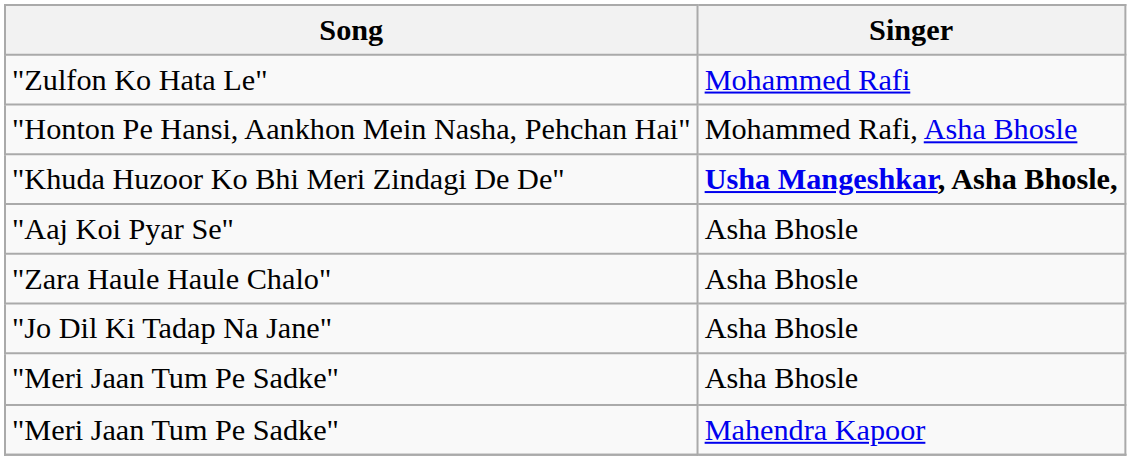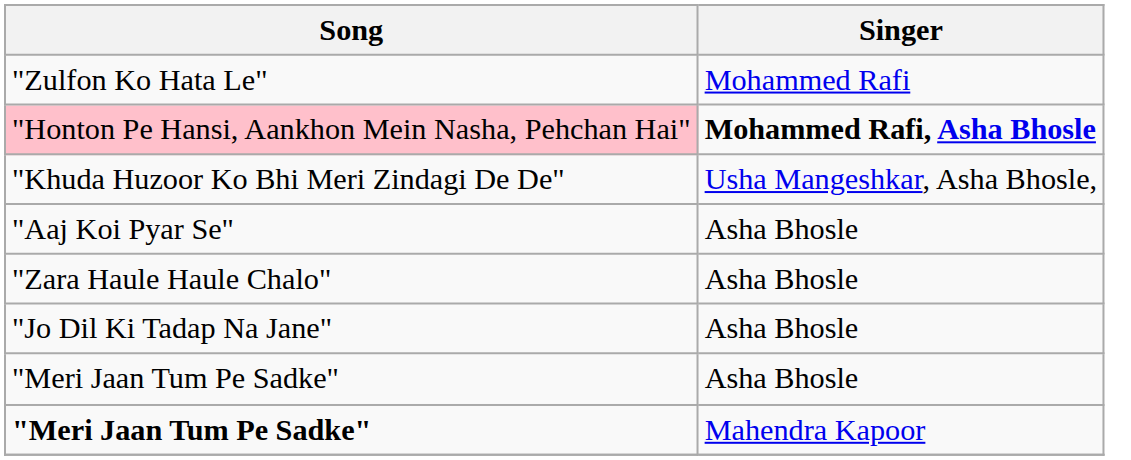 <table class="wikitable" style="font-size:95%">
 <tr>
 <th>Song</th>
 <th>Singer</th>
 </tr>
 <tr>
 <td>"Zulfon Ko Hata Le"</td>
 <td><a href='#'>Mohammed Rafi</a></td>
 </tr>
 <tr>
-<td>"Honton Pe Hansi, Aankhon Mein Nasha, Pehchan Hai"</td>
-<td>Mohammed Rafi, <a href='#'>Asha Bhosle</a></td>
+<td style="background: pink;">"Honton Pe Hansi, Aankhon Mein Nasha, Pehchan Hai"</td>
+<td><strong>Mohammed Rafi, <a href='#'>Asha Bhosle</a></strong></td>
 </tr>
 <tr>
 <td>"Khuda Huzoor Ko Bhi Meri Zindagi De De"</td>
-<td><strong><a href='#'>Usha Mangeshkar</a>, Asha Bhosle,</strong></td>
+<td><a href='#'>Usha Mangeshkar</a>, Asha Bhosle,</td>
 </tr>
 <tr>
 <td>"Aaj Koi Pyar Se"</td>
 <td>Asha Bhosle</td>
 </tr>
 <tr>
 <td>"Zara Haule Haule Chalo"</td>
 <td>Asha Bhosle</td>
 </tr>
 <tr>
 <td>"Jo Dil Ki Tadap Na Jane"</td>
 <td>Asha Bhosle</td>
 </tr>
 <tr>
 <td>"Meri Jaan Tum Pe Sadke"</td>
 <td>Asha Bhosle</td>
 </tr>
 <tr>
-<td>"Meri Jaan Tum Pe Sadke"</td>
+<td><strong>"Meri Jaan Tum Pe Sadke"</strong></td>
 <td><a href='#'>Mahendra Kapoor</a></td>
 </tr>
 <tr>
 </tr>
 </table>
